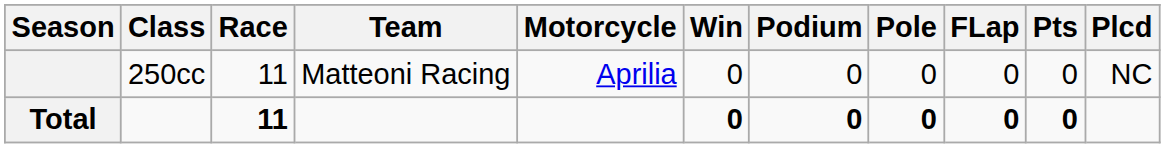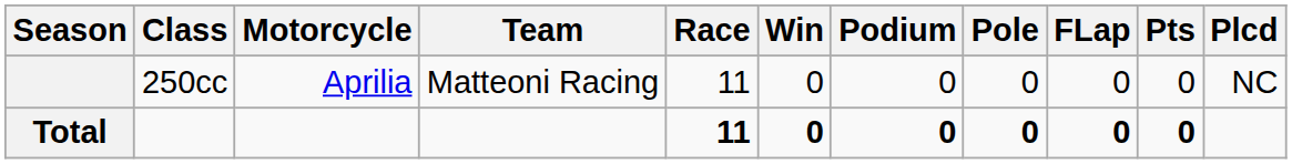 <table class="wikitable" style=text-align:right>
 <tr>
 <th>Season</th>
 <th>Class</th>
+<th>Motorcycle</th>
+<th>Team</th>
 <th>Race</th>
-<th>Team</th>
-<th>Motorcycle</th>
 <th>Win</th>
 <th>Podium</th>
 <th>Pole</th>
 <th>FLap</th>
 <th>Pts</th>
 <th>Plcd</th>
 </tr>
 <tr>
 <th></th>
 <td>250cc</td>
+<td><a href='#'>Aprilia</a></td>
+<td>Matteoni Racing</td>
 <td>11</td>
-<td>Matteoni Racing</td>
-<td><a href='#'>Aprilia</a></td>
 <td>0</td>
 <td>0</td>
 <td>0</td>
 <td>0</td>
 <td>0</td>
 <td>NC</td>
 </tr>
 <tr>
 <th>Total</th>
 <td></td>
-<td><strong>11</strong></td>
 <td></td>
 <td></td>
+<td><strong>11</strong></td>
 <td><strong>0</strong></td>
 <td><strong>0</strong></td>
 <td><strong>0</strong></td>
 <td><strong>0</strong></td>
 <td><strong>0</strong></td>
 <td></td>
 </tr>
 </table>
